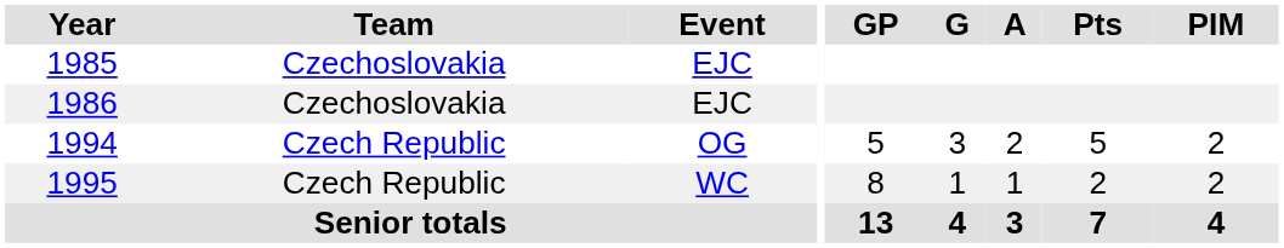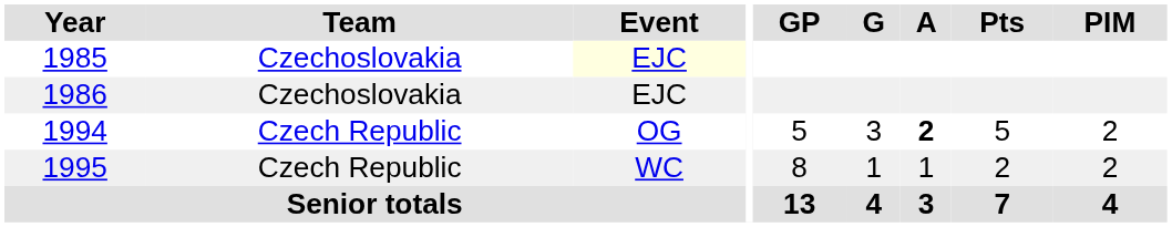 <table border="0" cellpadding="1" cellspacing="0" ID="Table3" style="text-align:center; width:40em">
 <tr ALIGN="center" bgcolor="#e0e0e0">
 <th>Year</th>
 <th>Team</th>
 <th>Event</th>
 <th rowspan="99" bgcolor="#ffffff"></th>
 <th>GP</th>
 <th>G</th>
 <th>A</th>
 <th>Pts</th>
 <th>PIM</th>
 </tr>
 <tr>
 <td><a href='#'>1985</a></td>
 <td><a href='#'>Czechoslovakia</a></td>
-<td><a href='#'>EJC</a></td>
+<td style="background: lightyellow;"><a href='#'>EJC</a></td>
 <td></td>
 <td></td>
 <td></td>
 <td></td>
 <td></td>
 </tr>
 <tr bgcolor="#f0f0f0">
 <td><a href='#'>1986</a></td>
 <td>Czechoslovakia</td>
 <td>EJC</td>
 <td></td>
 <td></td>
 <td></td>
 <td></td>
 <td></td>
 </tr>
 <tr>
 <td><a href='#'>1994</a></td>
 <td><a href='#'>Czech Republic</a></td>
 <td><a href='#'>OG</a></td>
 <td>5</td>
 <td>3</td>
-<td>2</td>
+<td><strong>2</strong></td>
 <td>5</td>
 <td>2</td>
 </tr>
 <tr bgcolor="#f0f0f0">
 <td><a href='#'>1995</a></td>
 <td>Czech Republic</td>
 <td><a href='#'>WC</a></td>
 <td>8</td>
 <td>1</td>
 <td>1</td>
 <td>2</td>
 <td>2</td>
 </tr>
 <tr bgcolor="#e0e0e0">
 <th colspan=3>Senior totals</th>
 <th>13</th>
 <th>4</th>
 <th>3</th>
 <th>7</th>
 <th>4</th>
 </tr>
 </table>
